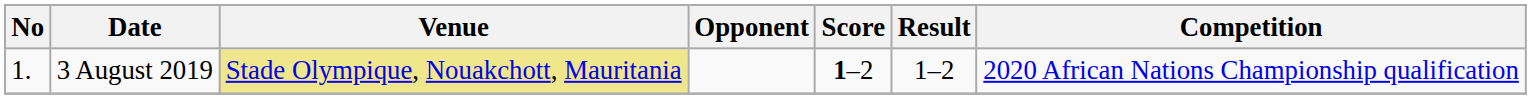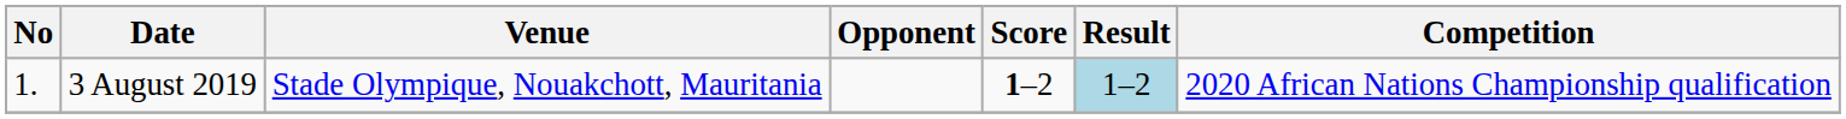 <table class="wikitable" style="font-size:85%;">
 <tr>
 <th>No</th>
 <th>Date</th>
 <th>Venue</th>
 <th>Opponent</th>
 <th>Score</th>
 <th>Result</th>
 <th>Competition</th>
 </tr>
 <tr>
 <td>1.</td>
 <td>3 August 2019</td>
-<td style="background: khaki;"><a href='#'>Stade Olympique</a>, <a href='#'>Nouakchott</a>, <a href='#'>Mauritania</a></td>
+<td><a href='#'>Stade Olympique</a>, <a href='#'>Nouakchott</a>, <a href='#'>Mauritania</a></td>
 <td></td>
 <td align=center><strong>1</strong>–2</td>
-<td align=center>1–2</td>
+<td align=center style="background: lightblue;">1–2</td>
 <td><a href='#'>2020 African Nations Championship qualification</a></td>
 </tr>
 <tr>
 </tr>
 </table>
